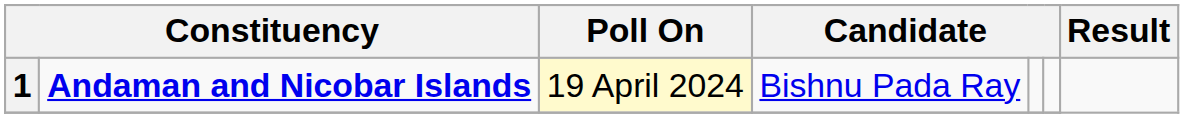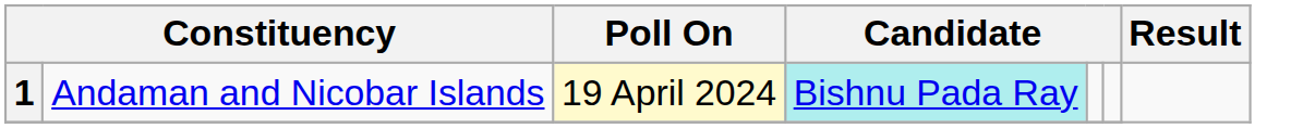 <table class="wikitable " style="text-align:center;">
 <tr>
 <th colspan="2">Constituency</th>
 <th>Poll On</th>
 <th colspan="3">Candidate</th>
 <th>Result</th>
 </tr>
 <tr>
 <th>1</th>
-<td><strong><a href='#'>Andaman and Nicobar Islands</a></strong></td>
+<td><a href='#'>Andaman and Nicobar Islands</a></td>
 <td bgcolor=#FFFACD>19 April 2024</td>
-<td><a href='#'>Bishnu Pada Ray</a></td>
+<td style="background: paleturquoise;"><a href='#'>Bishnu Pada Ray</a></td>
 <td></td>
 <td></td>
 </tr>
 <tr>
 </tr>
 </table>
